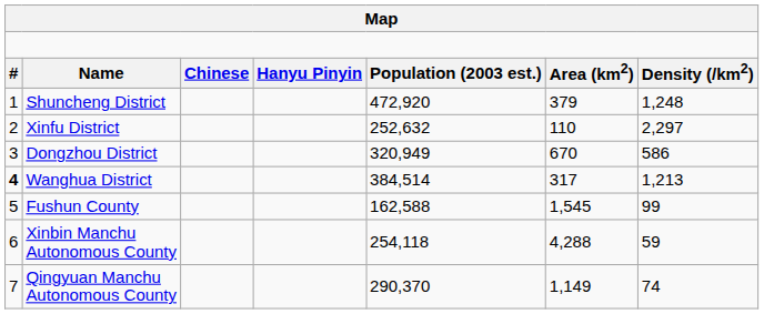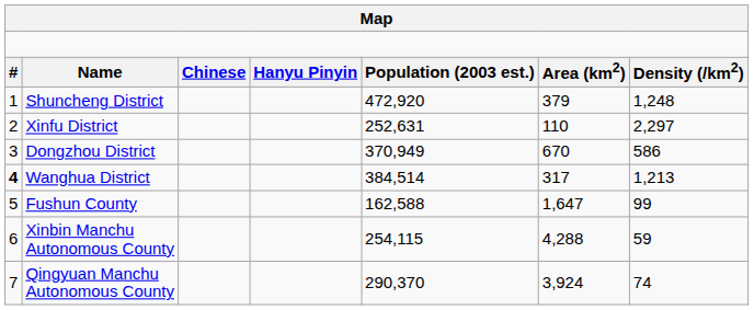 <table class="wikitable" style="font-size:90%;" align=center>
 <tr>
 <th colspan="7" align="center">Map</th>
 </tr>
 <tr>
 <td colspan="7" align="center"><div><br>          </div></td>
 </tr>
 <tr>
 <th>#</th>
 <th>Name</th>
 <th><a href='#'>Chinese</a></th>
 <th><a href='#'>Hanyu Pinyin</a></th>
 <th>Population (2003 est.)</th>
 <th>Area (km<sup>2</sup>)</th>
 <th>Density (/km<sup>2</sup>)</th>
 </tr>
 <tr --------->
 <td>1</td>
 <td><a href='#'>Shuncheng District</a></td>
 <td></td>
 <td></td>
 <td>472,920</td>
 <td>379</td>
 <td>1,248</td>
 </tr>
 <tr --------->
 <td>2</td>
 <td><a href='#'>Xinfu District</a></td>
 <td></td>
 <td></td>
-<td>252,632</td>
+<td>252,631</td>
 <td>110</td>
 <td>2,297</td>
 </tr>
 <tr --------->
 <td>3</td>
 <td><a href='#'>Dongzhou District</a></td>
 <td></td>
 <td></td>
-<td>320,949</td>
+<td>370,949</td>
 <td>670</td>
 <td>586</td>
 </tr>
 <tr --------->
 <td><strong>4</strong></td>
 <td><a href='#'>Wanghua District</a></td>
 <td></td>
 <td></td>
 <td>384,514</td>
 <td>317</td>
 <td>1,213</td>
 </tr>
 <tr --------->
 <td>5</td>
 <td><a href='#'>Fushun County</a></td>
 <td></td>
 <td></td>
 <td>162,588</td>
-<td>1,545</td>
+<td>1,647</td>
 <td>99</td>
 </tr>
 <tr --------->
 <td>6</td>
 <td><a href='#'>Xinbin Manchu</a><br><a href='#'>Autonomous County</a></td>
 <td></td>
 <td></td>
-<td>254,118</td>
+<td>254,115</td>
 <td>4,288</td>
 <td>59</td>
 </tr>
 <tr --------->
 <td>7</td>
 <td><a href='#'>Qingyuan Manchu</a><br><a href='#'>Autonomous County</a></td>
 <td></td>
 <td></td>
 <td>290,370</td>
-<td>1,149</td>
+<td>3,924</td>
 <td>74</td>
 </tr>
 </table>
